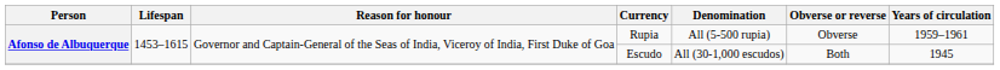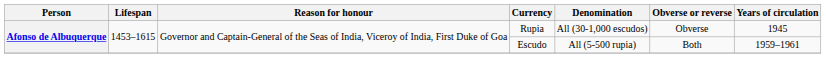 <table class="wikitable" style="font-size:95%; text-align:center;">
 <tr>
 <th>Person</th>
 <th>Lifespan</th>
 <th>Reason for honour</th>
 <th>Currency</th>
 <th>Denomination</th>
 <th>Obverse or reverse</th>
 <th>Years of circulation</th>
 </tr>
 <tr>
 <th rowspan=2><a href='#'>Afonso de Albuquerque</a></th>
 <td rowspan=2>1453–1615</td>
 <td rowspan=2>Governor and Captain-General of the Seas of India, Viceroy of India, First Duke of Goa</td>
 <td>Rupia</td>
-<td>All (5-500 rupia)</td>
+<td>All (30-1,000 escudos)</td>
 <td>Obverse</td>
-<td>1959–1961</td>
+<td>1945</td>
 </tr>
 <tr>
 <td>Escudo</td>
-<td>All (30-1,000 escudos)</td>
+<td>All (5-500 rupia)</td>
 <td>Both</td>
-<td>1945</td>
+<td>1959–1961</td>
 </tr>
 <tr>
 </tr>
 </table>
